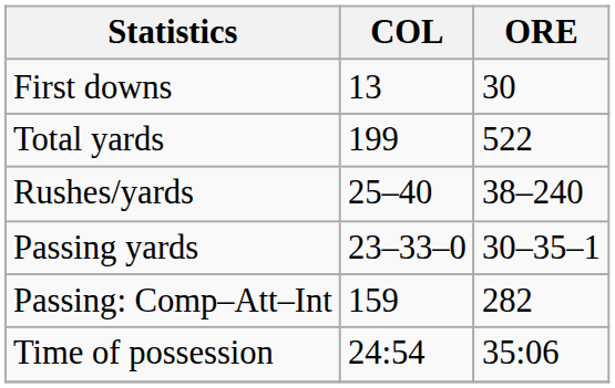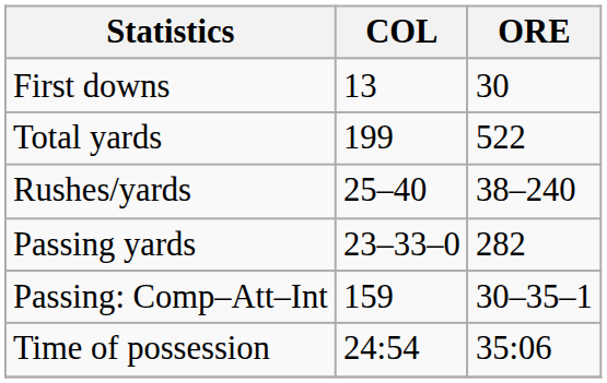 <table class="wikitable" style="float: left;">
 <tr>
 <th>Statistics</th>
 <th>COL</th>
 <th>ORE</th>
 </tr>
 <tr>
 <td>First downs</td>
 <td>13</td>
 <td>30</td>
 </tr>
 <tr>
 <td>Total yards</td>
 <td>199</td>
 <td>522</td>
 </tr>
 <tr>
 <td>Rushes/yards</td>
 <td>25–40</td>
 <td>38–240</td>
 </tr>
 <tr>
 <td>Passing yards</td>
 <td>23–33–0</td>
-<td>30–35–1</td>
+<td>282</td>
 </tr>
 <tr>
 <td>Passing: Comp–Att–Int</td>
 <td>159</td>
-<td>282</td>
+<td>30–35–1</td>
 </tr>
 <tr>
 <td>Time of possession</td>
 <td>24:54</td>
 <td>35:06</td>
 </tr>
 <tr>
 </tr>
 </table>
